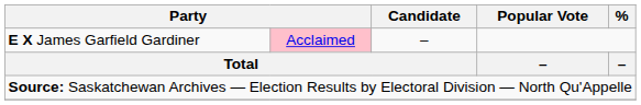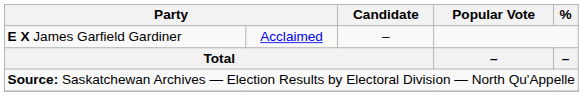 <table class="wikitable">
 <tr>
 <th colspan="2">Party</th>
 <th>Candidate</th>
 <th>Popular Vote</th>
 <th>%</th>
 </tr>
 <tr>
 <td><strong>E</strong> <strong>X</strong> James Garfield Gardiner</td>
-<td align=center style="background: pink;"><a href='#'>Acclaimed</a></td>
+<td align=center><a href='#'>Acclaimed</a></td>
 <td align=center>–</td>
 </tr>
 <tr>
 <th colspan=3>Total</th>
 <th>–</th>
 <th>–</th>
 </tr>
 <tr>
 <td align="center" colspan=5><strong>Source:</strong> Saskatchewan Archives — Election Results by Electoral Division — North Qu'Appelle</td>
 </tr>
 <tr>
 </tr>
 </table>
